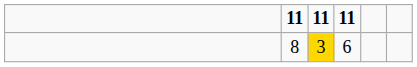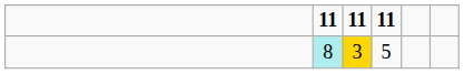 <table class="wikitable">
 <tr>
 <td style="width:15em"></td>
 <td align=center style="width:1em"><strong>11</strong></td>
 <td align=center style="width:1em"><strong>11</strong></td>
 <td align=center style="width:1em"><strong>11</strong></td>
 <td align=center style="width:1em"></td>
 <td align=center style="width:1em"></td>
 </tr>
 <tr>
 <td style="width:15em"></td>
-<td align=center style="width:1em">8</td>
+<td align=center style="background: paleturquoise; width:1em">8</td>
 <td align=center style="background: gold; width:1em">3</td>
-<td align=center style="width:1em">6</td>
+<td align=center style="width:1em">5</td>
 <td align=center style="width:1em"></td>
 <td align=center style="width:1em"></td>
 </tr>
 </table>
